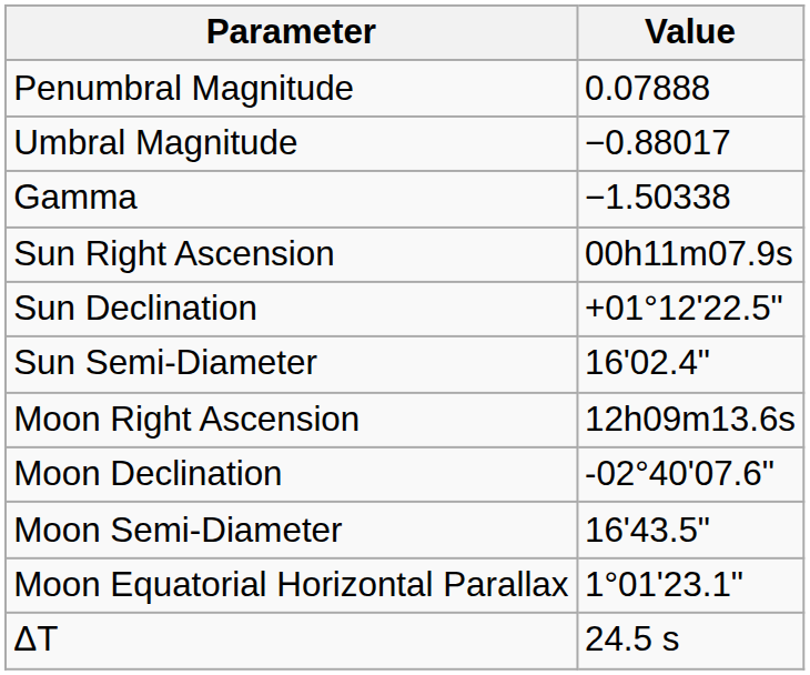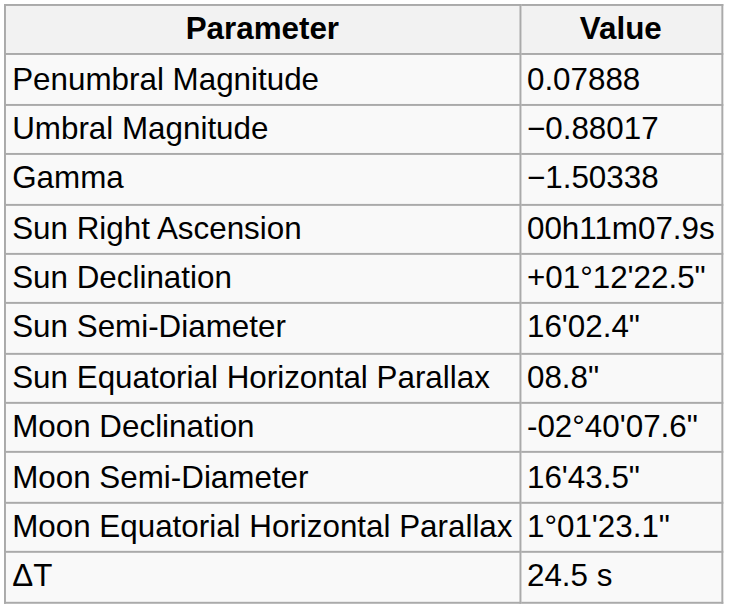 <table class="wikitable">
 <tr>
 <th>Parameter</th>
 <th>Value</th>
 </tr>
 <tr>
 <td>Penumbral Magnitude</td>
 <td>0.07888</td>
 </tr>
 <tr>
 <td>Umbral Magnitude</td>
 <td>−0.88017</td>
 </tr>
 <tr>
 <td>Gamma</td>
 <td>−1.50338</td>
 </tr>
 <tr>
 <td>Sun Right Ascension</td>
 <td>00h11m07.9s</td>
 </tr>
 <tr>
 <td>Sun Declination</td>
 <td>+01°12'22.5"</td>
 </tr>
 <tr>
 <td>Sun Semi-Diameter</td>
 <td>16'02.4"</td>
 </tr>
 <tr>
-<td>Moon Right Ascension</td>
-<td>12h09m13.6s</td>
+<td>Sun Equatorial Horizontal Parallax</td>
+<td>08.8"</td>
 </tr>
 <tr>
 <td>Moon Declination</td>
 <td>-02°40'07.6"</td>
 </tr>
 <tr>
 <td>Moon Semi-Diameter</td>
 <td>16'43.5"</td>
 </tr>
 <tr>
 <td>Moon Equatorial Horizontal Parallax</td>
 <td>1°01'23.1"</td>
 </tr>
 <tr>
 <td>ΔT</td>
 <td>24.5 s</td>
 </tr>
 </table>
